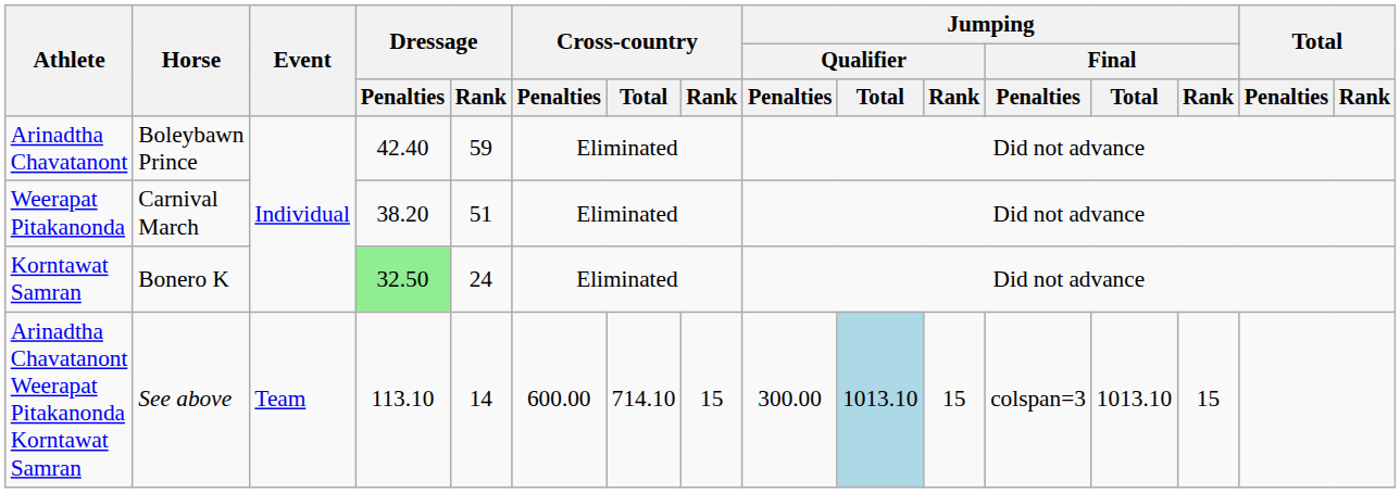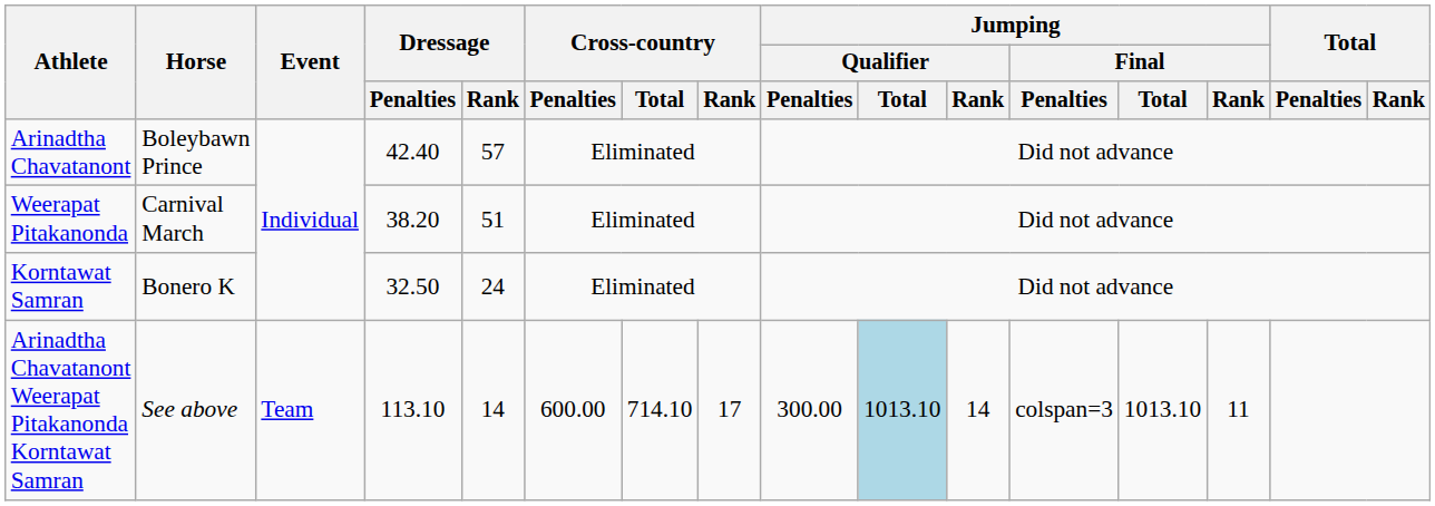 <table class=wikitable style="font-size:90%">
 <tr>
 <th rowspan="3">Athlete</th>
 <th rowspan="3">Horse</th>
 <th rowspan="3">Event</th>
 <th colspan="2" rowspan="2">Dressage</th>
 <th colspan="3" rowspan="2">Cross-country</th>
 <th colspan="6">Jumping</th>
 <th colspan="2" rowspan="2">Total</th>
 </tr>
 <tr style="font-size:95%">
 <th colspan="3">Qualifier</th>
 <th colspan="3">Final</th>
 </tr>
 <tr style="font-size:95%">
 <th>Penalties</th>
 <th>Rank</th>
 <th>Penalties</th>
 <th>Total</th>
 <th>Rank</th>
 <th>Penalties</th>
 <th>Total</th>
 <th>Rank</th>
 <th>Penalties</th>
 <th>Total</th>
 <th>Rank</th>
 <th>Penalties</th>
 <th>Rank</th>
 </tr>
 <tr align=center>
 <td align=left><a href='#'>Arinadtha Chavatanont</a></td>
 <td align=left>Boleybawn Prince</td>
 <td rowspan=3 align=left><a href='#'>Individual</a></td>
 <td>42.40</td>
-<td>59</td>
+<td>57</td>
 <td colspan="3">Eliminated</td>
 <td colspan="8">Did not advance</td>
 </tr>
 <tr align=center>
 <td align=left><a href='#'>Weerapat Pitakanonda</a></td>
 <td align=left>Carnival March</td>
 <td>38.20</td>
 <td>51</td>
 <td colspan="3">Eliminated</td>
 <td colspan="8">Did not advance</td>
 </tr>
 <tr align=center>
 <td align=left><a href='#'>Korntawat Samran</a></td>
 <td align=left>Bonero K</td>
-<td style="background: lightgreen;">32.50</td>
+<td>32.50</td>
 <td>24</td>
 <td colspan="3">Eliminated</td>
 <td colspan="8">Did not advance</td>
 </tr>
 <tr align=center>
 <td align=left><a href='#'>Arinadtha Chavatanont</a><br><a href='#'>Weerapat Pitakanonda</a><br><a href='#'>Korntawat Samran</a></td>
 <td align=left><em>See above</em></td>
 <td align=left><a href='#'>Team</a></td>
 <td>113.10</td>
 <td>14</td>
 <td>600.00</td>
 <td>714.10</td>
-<td>15</td>
+<td>17</td>
 <td>300.00</td>
 <td style="background: lightblue;">1013.10</td>
-<td>15</td>
+<td>14</td>
 <td>colspan=3 </td>
 <td>1013.10</td>
-<td>15</td>
+<td>11</td>
 </tr>
 </table>
